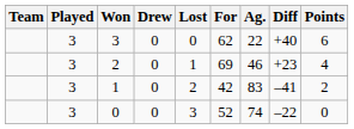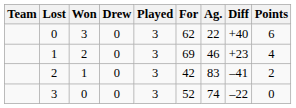 <table class="wikitable" style="text-align:center">
 <tr>
 <th>Team</th>
-<th>Played</th>
+<th>Lost</th>
 <th>Won</th>
 <th>Drew</th>
-<th>Lost</th>
+<th>Played</th>
 <th>For</th>
 <th>Ag.</th>
 <th>Diff</th>
 <th>Points</th>
 </tr>
 <tr>
 <td align=left></td>
-<td>3</td>
+<td>0</td>
 <td>3</td>
 <td>0</td>
-<td>0</td>
+<td>3</td>
 <td>62</td>
 <td>22</td>
 <td>+40</td>
 <td>6</td>
 </tr>
 <tr>
 <td align=left></td>
-<td>3</td>
+<td>1</td>
 <td>2</td>
 <td>0</td>
-<td>1</td>
+<td>3</td>
 <td>69</td>
 <td>46</td>
 <td>+23</td>
 <td>4</td>
 </tr>
 <tr>
 <td align=left></td>
-<td>3</td>
+<td>2</td>
 <td>1</td>
 <td>0</td>
-<td>2</td>
+<td>3</td>
 <td>42</td>
 <td>83</td>
 <td>–41</td>
 <td>2</td>
 </tr>
 <tr>
 <td align=left></td>
 <td>3</td>
 <td>0</td>
 <td>0</td>
 <td>3</td>
 <td>52</td>
 <td>74</td>
 <td>–22</td>
 <td>0</td>
 </tr>
 </table>
